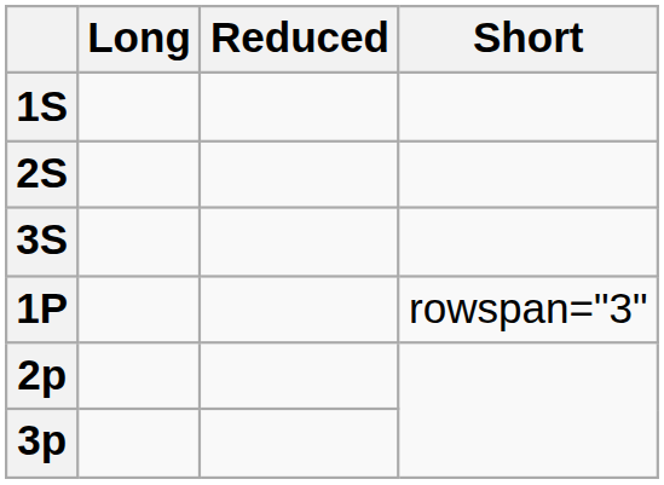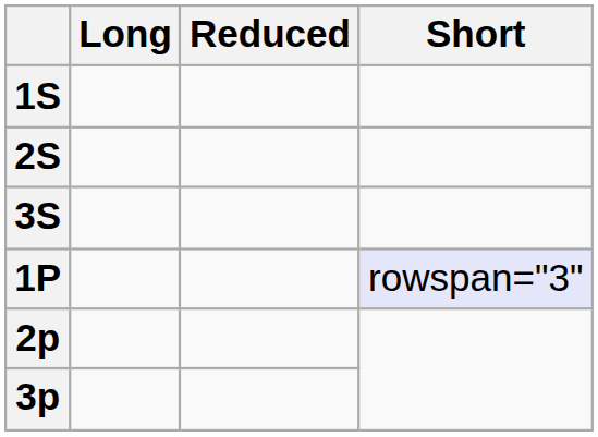 <table class="wikitable" style="text-align: center;">
 <tr>
 <th></th>
 <th>Long</th>
 <th>Reduced</th>
 <th>Short</th>
 </tr>
 <tr>
 <th>1S</th>
 <td></td>
 <td></td>
 <td></td>
 </tr>
 <tr>
 <th>2S</th>
 <td></td>
 <td></td>
 <td></td>
 </tr>
 <tr>
 <th>3S</th>
 <td></td>
 <td></td>
 <td></td>
 </tr>
 <tr>
 <th>1P</th>
 <td></td>
 <td></td>
-<td>rowspan="3" </td>
+<td style="background: lavender;">rowspan="3" </td>
 </tr>
 <tr>
 <th>2p</th>
 <td></td>
 <td></td>
 </tr>
 <tr>
 <th>3p</th>
 <td></td>
 <td></td>
 </tr>
 </table>
